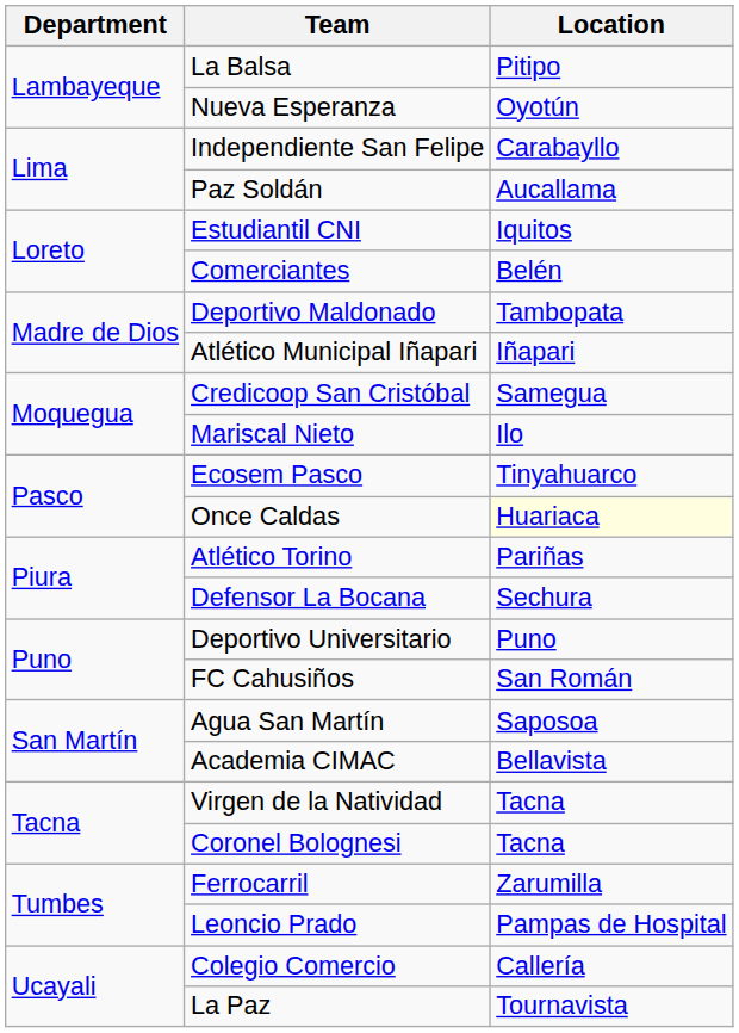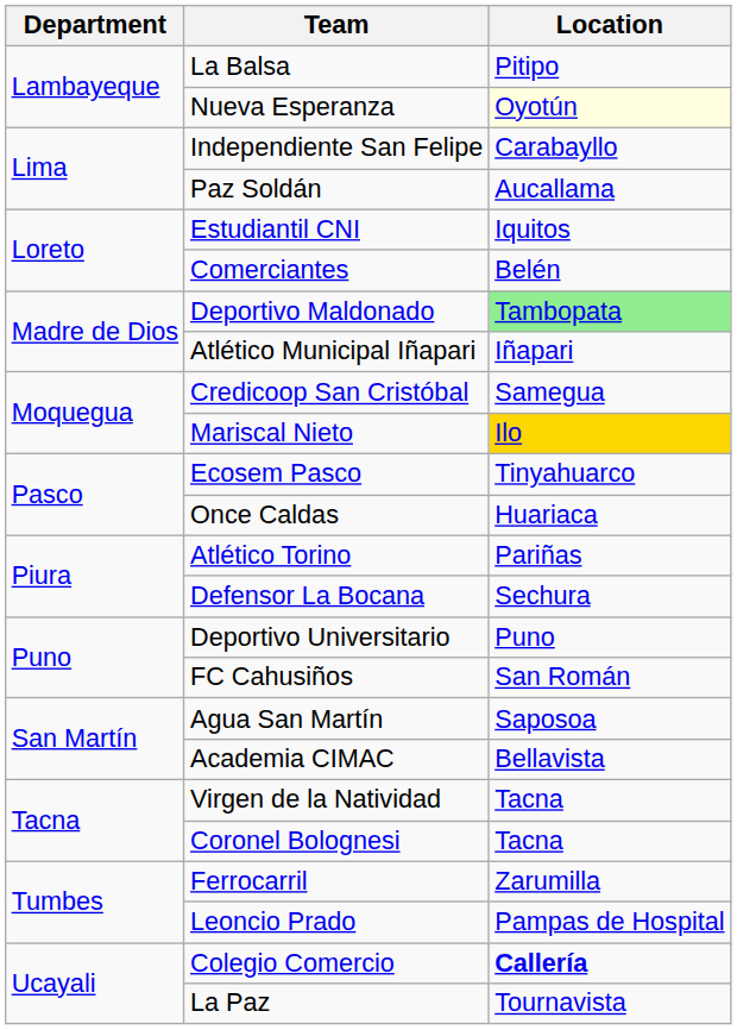 <table class="wikitable">
 <tr>
 <th>Department</th>
 <th>Team</th>
 <th>Location</th>
 </tr>
 <tr>
 <td rowspan="2"><a href='#'>Lambayeque</a></td>
 <td>La Balsa</td>
 <td><a href='#'>Pitipo</a></td>
 </tr>
 <tr>
 <td>Nueva Esperanza</td>
-<td><a href='#'>Oyotún</a></td>
+<td style="background: lightyellow;"><a href='#'>Oyotún</a></td>
 </tr>
 <tr>
 <td rowspan="2"><a href='#'>Lima</a></td>
 <td>Independiente San Felipe</td>
 <td><a href='#'>Carabayllo</a></td>
 </tr>
 <tr>
 <td>Paz Soldán</td>
 <td><a href='#'>Aucallama</a></td>
 </tr>
 <tr>
 <td rowspan="2"><a href='#'>Loreto</a></td>
 <td><a href='#'>Estudiantil CNI</a></td>
 <td><a href='#'>Iquitos</a></td>
 </tr>
 <tr>
 <td><a href='#'>Comerciantes</a></td>
 <td><a href='#'>Belén</a></td>
 </tr>
 <tr>
 <td rowspan="2"><a href='#'>Madre de Dios</a></td>
 <td><a href='#'>Deportivo Maldonado</a></td>
-<td><a href='#'>Tambopata</a></td>
+<td style="background: lightgreen;"><a href='#'>Tambopata</a></td>
 </tr>
 <tr>
 <td>Atlético Municipal Iñapari</td>
 <td><a href='#'>Iñapari</a></td>
 </tr>
 <tr>
 <td rowspan="2"><a href='#'>Moquegua</a></td>
 <td><a href='#'>Credicoop San Cristóbal</a></td>
 <td><a href='#'>Samegua</a></td>
 </tr>
 <tr>
 <td><a href='#'>Mariscal Nieto</a></td>
-<td><a href='#'>Ilo</a></td>
+<td style="background: gold;"><a href='#'>Ilo</a></td>
 </tr>
 <tr>
 <td rowspan="2"><a href='#'>Pasco</a></td>
 <td><a href='#'>Ecosem Pasco</a></td>
 <td><a href='#'>Tinyahuarco</a></td>
 </tr>
 <tr>
 <td>Once Caldas</td>
-<td style="background: lightyellow;"><a href='#'>Huariaca</a></td>
+<td><a href='#'>Huariaca</a></td>
 </tr>
 <tr>
 <td rowspan="2"><a href='#'>Piura</a></td>
 <td><a href='#'>Atlético Torino</a></td>
 <td><a href='#'>Pariñas</a></td>
 </tr>
 <tr>
 <td><a href='#'>Defensor La Bocana</a></td>
 <td><a href='#'>Sechura</a></td>
 </tr>
 <tr>
 <td rowspan="2"><a href='#'>Puno</a></td>
 <td>Deportivo Universitario</td>
 <td><a href='#'>Puno</a></td>
 </tr>
 <tr>
 <td>FC Cahusiños</td>
 <td><a href='#'>San Román</a></td>
 </tr>
 <tr>
 <td rowspan="2"><a href='#'>San Martín</a></td>
 <td>Agua San Martín</td>
 <td><a href='#'>Saposoa</a></td>
 </tr>
 <tr>
 <td>Academia CIMAC</td>
 <td><a href='#'>Bellavista</a></td>
 </tr>
 <tr>
 <td rowspan="2"><a href='#'>Tacna</a></td>
 <td>Virgen de la Natividad</td>
 <td><a href='#'>Tacna</a></td>
 </tr>
 <tr>
 <td><a href='#'>Coronel Bolognesi</a></td>
 <td><a href='#'>Tacna</a></td>
 </tr>
 <tr>
 <td rowspan="2"><a href='#'>Tumbes</a></td>
 <td><a href='#'>Ferrocarril</a></td>
 <td><a href='#'>Zarumilla</a></td>
 </tr>
 <tr>
 <td><a href='#'>Leoncio Prado</a></td>
 <td><a href='#'>Pampas de Hospital</a></td>
 </tr>
 <tr>
 <td rowspan="2"><a href='#'>Ucayali</a></td>
 <td><a href='#'>Colegio Comercio</a></td>
-<td><a href='#'>Callería</a></td>
+<td><strong><a href='#'>Callería</a></strong></td>
 </tr>
 <tr>
 <td>La Paz</td>
 <td><a href='#'>Tournavista</a></td>
 </tr>
 </table>
